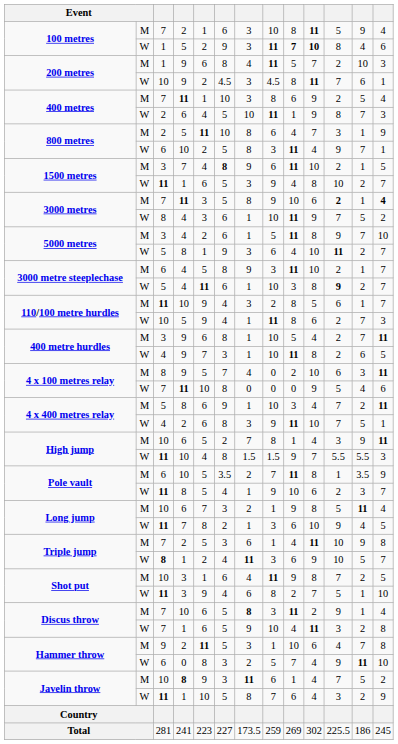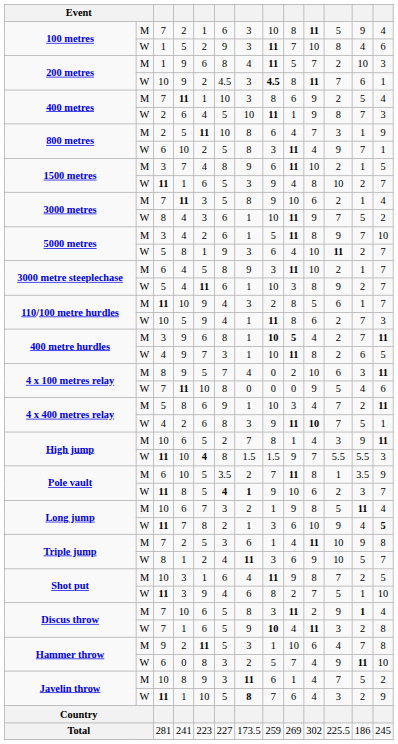 <table class="wikitable" style="background-color: #f9f9f9; font-size: 90%; text-align: center">
 <tr>
 <th width=200 colspan=2>Event</th>
 <th></th>
 <th></th>
 <th></th>
 <th></th>
 <th></th>
 <th></th>
 <th></th>
 <th></th>
 <th></th>
 <th></th>
 <th></th>
 </tr>
 <tr>
 <td rowspan=2><strong><a href='#'>100 metres</a></strong></td>
 <td>M</td>
 <td>7</td>
 <td>2</td>
 <td>1</td>
 <td>6</td>
 <td>3</td>
 <td>10</td>
 <td>8</td>
 <td><strong>11</strong></td>
 <td>5</td>
 <td>9</td>
 <td>4</td>
 </tr>
 <tr>
 <td>W</td>
 <td>1</td>
 <td>5</td>
 <td>2</td>
 <td>9</td>
 <td>3</td>
 <td><strong>11</strong></td>
-<td><strong>7</strong></td>
-<td><strong>10</strong></td>
+<td>7</td>
+<td>10</td>
 <td>8</td>
 <td>4</td>
 <td>6</td>
 </tr>
 <tr>
 <td rowspan=2><strong><a href='#'>200 metres</a></strong></td>
 <td>M</td>
 <td>1</td>
 <td>9</td>
 <td>6</td>
 <td>8</td>
 <td>4</td>
 <td><strong>11</strong></td>
 <td>5</td>
 <td>7</td>
 <td>2</td>
 <td>10</td>
 <td>3</td>
 </tr>
 <tr>
 <td>W</td>
 <td>10</td>
 <td>9</td>
 <td>2</td>
 <td>4.5</td>
 <td>3</td>
-<td>4.5</td>
+<td><strong>4.5</strong></td>
 <td>8</td>
 <td><strong>11</strong></td>
 <td>7</td>
 <td>6</td>
 <td>1</td>
 </tr>
 <tr>
 <td rowspan=2><strong><a href='#'>400 metres</a></strong></td>
 <td>M</td>
 <td>7</td>
 <td><strong>11</strong></td>
 <td>1</td>
 <td>10</td>
 <td>3</td>
 <td>8</td>
 <td>6</td>
 <td>9</td>
 <td>2</td>
 <td>5</td>
 <td>4</td>
 </tr>
 <tr>
 <td>W</td>
 <td>2</td>
 <td>6</td>
 <td>4</td>
 <td>5</td>
 <td>10</td>
 <td><strong>11</strong></td>
 <td>1</td>
 <td>9</td>
 <td>8</td>
 <td>7</td>
 <td>3</td>
 </tr>
 <tr>
 <td rowspan=2><strong><a href='#'>800 metres</a></strong></td>
 <td>M</td>
 <td>2</td>
 <td>5</td>
 <td><strong>11</strong></td>
 <td>10</td>
 <td>8</td>
 <td>6</td>
 <td>4</td>
 <td>7</td>
 <td>3</td>
 <td>1</td>
 <td>9</td>
 </tr>
 <tr>
 <td>W</td>
 <td>6</td>
 <td>10</td>
 <td>2</td>
 <td>5</td>
 <td>8</td>
 <td>3</td>
 <td><strong>11</strong></td>
 <td>4</td>
 <td>9</td>
 <td>7</td>
 <td>1</td>
 </tr>
 <tr>
 <td rowspan=2><strong><a href='#'>1500 metres</a></strong></td>
 <td>M</td>
 <td>3</td>
 <td>7</td>
 <td>4</td>
-<td><strong>8</strong></td>
+<td>8</td>
 <td>9</td>
 <td>6</td>
 <td><strong>11</strong></td>
 <td>10</td>
 <td>2</td>
 <td>1</td>
 <td>5</td>
 </tr>
 <tr>
 <td>W</td>
 <td><strong>11</strong></td>
 <td>1</td>
 <td>6</td>
 <td>5</td>
 <td>3</td>
 <td>9</td>
 <td>4</td>
 <td>8</td>
 <td>10</td>
 <td>2</td>
 <td>7</td>
 </tr>
 <tr>
 <td rowspan=2><strong><a href='#'>3000 metres</a></strong></td>
 <td>M</td>
 <td>7</td>
 <td><strong>11</strong></td>
 <td>3</td>
 <td>5</td>
 <td>8</td>
 <td>9</td>
 <td>10</td>
 <td>6</td>
-<td><strong>2</strong></td>
+<td>2</td>
 <td>1</td>
-<td><strong>4</strong></td>
+<td>4</td>
 </tr>
 <tr>
 <td>W</td>
 <td>8</td>
 <td>4</td>
 <td>3</td>
 <td>6</td>
 <td>1</td>
 <td>10</td>
 <td><strong>11</strong></td>
 <td>9</td>
 <td>7</td>
 <td>5</td>
 <td>2</td>
 </tr>
 <tr>
 <td rowspan=2><strong><a href='#'>5000 metres</a></strong></td>
 <td>M</td>
 <td>3</td>
 <td>4</td>
 <td>2</td>
 <td>6</td>
 <td>1</td>
 <td>5</td>
 <td><strong>11</strong></td>
 <td>8</td>
 <td>9</td>
 <td>7</td>
 <td>10</td>
 </tr>
 <tr>
 <td>W</td>
 <td>5</td>
 <td>8</td>
 <td>1</td>
 <td>9</td>
 <td>3</td>
 <td>6</td>
 <td>4</td>
 <td>10</td>
 <td><strong>11</strong></td>
 <td>2</td>
 <td>7</td>
 </tr>
 <tr>
 <td rowspan=2><strong><a href='#'>3000 metre steeplechase</a></strong></td>
 <td>M</td>
 <td>6</td>
 <td>4</td>
 <td>5</td>
 <td>8</td>
 <td>9</td>
 <td>3</td>
 <td><strong>11</strong></td>
 <td>10</td>
 <td>2</td>
 <td>1</td>
 <td>7</td>
 </tr>
 <tr>
 <td>W</td>
 <td>5</td>
 <td>4</td>
 <td><strong>11</strong></td>
 <td>6</td>
 <td>1</td>
 <td>10</td>
 <td>3</td>
 <td>8</td>
-<td><strong>9</strong></td>
+<td>9</td>
 <td>2</td>
 <td>7</td>
 </tr>
 <tr>
 <td rowspan=2><strong><a href='#'>110</a>/<a href='#'>100 metre hurdles</a></strong></td>
 <td>M</td>
 <td><strong>11</strong></td>
 <td>10</td>
 <td>9</td>
 <td>4</td>
 <td>3</td>
 <td>2</td>
 <td>8</td>
 <td>5</td>
 <td>6</td>
 <td>1</td>
 <td>7</td>
 </tr>
 <tr>
 <td>W</td>
 <td>10</td>
 <td>5</td>
 <td>9</td>
 <td>4</td>
 <td>1</td>
 <td><strong>11</strong></td>
 <td>8</td>
 <td>6</td>
 <td>2</td>
 <td>7</td>
 <td>3</td>
 </tr>
 <tr>
 <td rowspan=2><strong><a href='#'>400 metre hurdles</a></strong></td>
 <td>M</td>
 <td>3</td>
 <td>9</td>
 <td>6</td>
 <td>8</td>
 <td>1</td>
-<td>10</td>
-<td>5</td>
+<td><strong>10</strong></td>
+<td><strong>5</strong></td>
 <td>4</td>
 <td>2</td>
 <td>7</td>
 <td><strong>11</strong></td>
 </tr>
 <tr>
 <td>W</td>
 <td>4</td>
 <td>9</td>
 <td>7</td>
 <td>3</td>
 <td>1</td>
 <td>10</td>
 <td><strong>11</strong></td>
 <td>8</td>
 <td>2</td>
 <td>6</td>
 <td>5</td>
 </tr>
 <tr>
 <td rowspan=2><strong><a href='#'>4 x 100 metres relay</a></strong></td>
 <td>M</td>
 <td>8</td>
 <td>9</td>
 <td>5</td>
 <td>7</td>
 <td>4</td>
 <td>0</td>
 <td>2</td>
 <td>10</td>
 <td>6</td>
 <td>3</td>
 <td><strong>11</strong></td>
 </tr>
 <tr>
 <td>W</td>
 <td>7</td>
 <td><strong>11</strong></td>
 <td>10</td>
 <td>8</td>
 <td>0</td>
 <td>0</td>
 <td>0</td>
 <td>9</td>
 <td>5</td>
 <td>4</td>
 <td>6</td>
 </tr>
 <tr>
 <td rowspan=2><strong><a href='#'>4 x 400 metres relay</a></strong></td>
 <td>M</td>
 <td>5</td>
 <td>8</td>
 <td>6</td>
 <td>9</td>
 <td>1</td>
 <td>10</td>
 <td>3</td>
 <td>4</td>
 <td>7</td>
 <td>2</td>
 <td><strong>11</strong></td>
 </tr>
 <tr>
 <td>W</td>
 <td>4</td>
 <td>2</td>
 <td>6</td>
 <td>8</td>
 <td>3</td>
 <td>9</td>
 <td><strong>11</strong></td>
-<td>10</td>
+<td><strong>10</strong></td>
 <td>7</td>
 <td>5</td>
 <td>1</td>
 </tr>
 <tr>
 <td rowspan=2><strong><a href='#'>High jump</a></strong></td>
 <td>M</td>
 <td>10</td>
 <td>6</td>
 <td>5</td>
 <td>2</td>
 <td>7</td>
 <td>8</td>
 <td>1</td>
 <td>4</td>
 <td>3</td>
 <td>9</td>
 <td><strong>11</strong></td>
 </tr>
 <tr>
 <td>W</td>
 <td><strong>11</strong></td>
 <td>10</td>
-<td>4</td>
+<td><strong>4</strong></td>
 <td>8</td>
 <td>1.5</td>
 <td>1.5</td>
 <td>9</td>
 <td>7</td>
 <td>5.5</td>
 <td>5.5</td>
 <td>3</td>
 </tr>
 <tr>
 <td rowspan=2><strong><a href='#'>Pole vault</a></strong></td>
 <td>M</td>
 <td>6</td>
 <td>10</td>
 <td>5</td>
 <td>3.5</td>
 <td>2</td>
 <td>7</td>
 <td><strong>11</strong></td>
 <td>8</td>
 <td>1</td>
 <td>3.5</td>
 <td>9</td>
 </tr>
 <tr>
 <td>W</td>
 <td><strong>11</strong></td>
 <td>8</td>
 <td>5</td>
-<td>4</td>
-<td>1</td>
+<td><strong>4</strong></td>
+<td><strong>1</strong></td>
 <td>9</td>
 <td>10</td>
 <td>6</td>
 <td>2</td>
 <td>3</td>
 <td>7</td>
 </tr>
 <tr>
 <td rowspan=2><strong><a href='#'>Long jump</a></strong></td>
 <td>M</td>
 <td>10</td>
 <td>6</td>
 <td>7</td>
 <td>3</td>
 <td>2</td>
 <td>1</td>
 <td>9</td>
 <td>8</td>
 <td>5</td>
 <td><strong>11</strong></td>
 <td>4</td>
 </tr>
 <tr>
 <td>W</td>
 <td><strong>11</strong></td>
 <td>7</td>
 <td>8</td>
 <td>2</td>
 <td>1</td>
 <td>3</td>
 <td>6</td>
 <td>10</td>
 <td>9</td>
 <td>4</td>
-<td>5</td>
+<td><strong>5</strong></td>
 </tr>
 <tr>
 <td rowspan=2><strong><a href='#'>Triple jump</a></strong></td>
 <td>M</td>
 <td>7</td>
 <td>2</td>
 <td>5</td>
 <td>3</td>
 <td>6</td>
 <td>1</td>
 <td>4</td>
 <td><strong>11</strong></td>
 <td>10</td>
 <td>9</td>
 <td>8</td>
 </tr>
 <tr>
 <td>W</td>
-<td><strong>8</strong></td>
+<td>8</td>
 <td>1</td>
 <td>2</td>
 <td>4</td>
 <td><strong>11</strong></td>
 <td>3</td>
 <td>6</td>
 <td>9</td>
 <td>10</td>
 <td>5</td>
 <td>7</td>
 </tr>
 <tr>
 <td rowspan=2><strong><a href='#'>Shot put</a></strong></td>
 <td>M</td>
 <td>10</td>
 <td>3</td>
 <td>1</td>
 <td>6</td>
 <td>4</td>
 <td><strong>11</strong></td>
 <td>9</td>
 <td>8</td>
 <td>7</td>
 <td>2</td>
 <td>5</td>
 </tr>
 <tr>
 <td>W</td>
 <td><strong>11</strong></td>
 <td>3</td>
 <td>9</td>
 <td>4</td>
 <td>6</td>
 <td>8</td>
 <td>2</td>
 <td>7</td>
 <td>5</td>
 <td>1</td>
 <td>10</td>
 </tr>
 <tr>
 <td rowspan=2><strong><a href='#'>Discus throw</a></strong></td>
 <td>M</td>
 <td>7</td>
 <td>10</td>
 <td>6</td>
 <td>5</td>
-<td><strong>8</strong></td>
+<td>8</td>
 <td>3</td>
 <td><strong>11</strong></td>
 <td>2</td>
 <td>9</td>
-<td>1</td>
+<td><strong>1</strong></td>
 <td>4</td>
 </tr>
 <tr>
 <td>W</td>
 <td>7</td>
 <td>1</td>
 <td>6</td>
 <td>5</td>
 <td>9</td>
-<td>10</td>
+<td><strong>10</strong></td>
 <td>4</td>
 <td><strong>11</strong></td>
 <td>3</td>
 <td>2</td>
 <td>8</td>
 </tr>
 <tr>
 <td rowspan=2><strong><a href='#'>Hammer throw</a></strong></td>
 <td>M</td>
 <td>9</td>
 <td>2</td>
 <td><strong>11</strong></td>
 <td>5</td>
 <td>3</td>
 <td>1</td>
 <td>10</td>
 <td>6</td>
 <td>4</td>
 <td>7</td>
 <td>8</td>
 </tr>
 <tr>
 <td>W</td>
 <td>6</td>
 <td>0</td>
 <td>8</td>
 <td>3</td>
 <td>2</td>
 <td>5</td>
 <td>7</td>
 <td>4</td>
 <td>9</td>
 <td><strong>11</strong></td>
 <td>10</td>
 </tr>
 <tr>
 <td rowspan=2><strong><a href='#'>Javelin throw</a></strong></td>
 <td>M</td>
 <td>10</td>
-<td><strong>8</strong></td>
+<td>8</td>
 <td>9</td>
 <td>3</td>
 <td><strong>11</strong></td>
 <td>6</td>
 <td>1</td>
 <td>4</td>
 <td>7</td>
 <td>5</td>
 <td>2</td>
 </tr>
 <tr>
 <td>W</td>
 <td><strong>11</strong></td>
 <td>1</td>
 <td>10</td>
 <td>5</td>
-<td>8</td>
+<td><strong>8</strong></td>
 <td>7</td>
 <td>6</td>
 <td>4</td>
 <td>3</td>
 <td>2</td>
 <td>9</td>
 </tr>
 <tr>
 <th colspan=2>Country</th>
 <th></th>
 <th></th>
 <th></th>
 <th></th>
 <th></th>
 <th></th>
 <th></th>
 <th></th>
 <th></th>
 <th></th>
 <th></th>
 </tr>
 <tr>
 <th colspan=2>Total</th>
 <td>281</td>
 <td>241</td>
 <td>223</td>
 <td>227</td>
 <td>173.5</td>
 <td>259</td>
 <td>269</td>
 <td>302</td>
 <td>225.5</td>
 <td>186</td>
 <td>245</td>
 </tr>
 </table>
